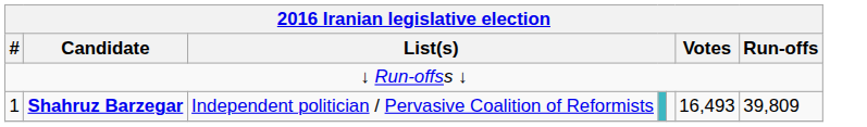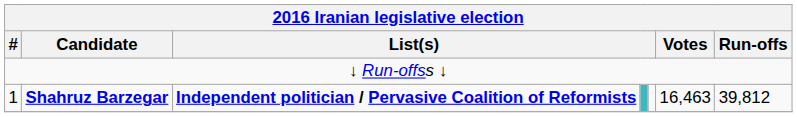 <table class=wikitable style=text-align:left>
 <tr>
 <th colspan="7" align=center><a href='#'>2016 Iranian legislative election</a></th>
 </tr>
 <tr>
 <th>#</th>
 <th>Candidate</th>
 <th colspan="3">List(s)</th>
 <th>Votes</th>
 <th>Run-offs</th>
 </tr>
 <tr>
 <td colspan="7" align=center>↓ <em><a href='#'>Run-offs</a>s</em> ↓</td>
 </tr>
 <tr>
 <td>1</td>
 <td><strong><a href='#'>Shahruz Barzegar</a></strong></td>
-<td><a href='#'>Independent politician</a>  / <a href='#'>Pervasive Coalition of Reformists</a></td>
+<td><strong><a href='#'>Independent politician</a>  / <a href='#'>Pervasive Coalition of Reformists</a></strong></td>
 <td style="background:#3cb8c2"></td>
 <td></td>
-<td>16,493</td>
-<td>39,809</td>
+<td>16,463</td>
+<td>39,812</td>
 </tr>
 <tr>
 </tr>
 </table>
